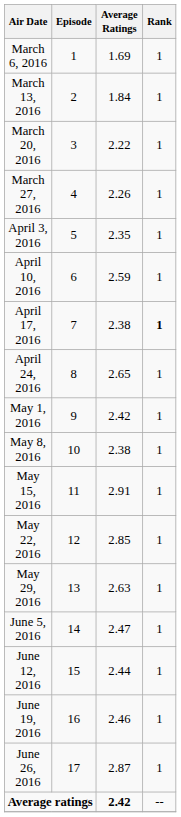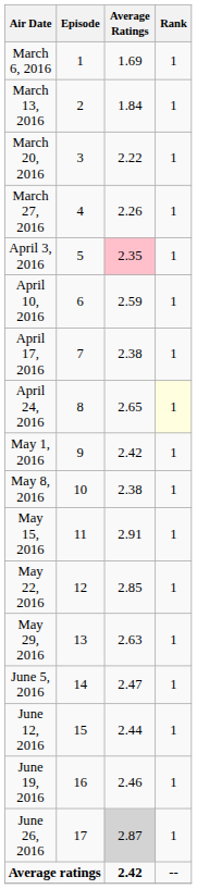 <table class="wikitable" style="text-align:center;width:35%;">
 <tr>
 <th width="15%"><small><strong>Air Date</strong></small></th>
 <th width="5%"><small><strong>Episode</strong></small></th>
 <th width="8%"><small><strong>Average Ratings</strong></small></th>
 <th width="5%"><small><strong>Rank</strong></small></th>
 </tr>
 <tr>
 <td>March 6, 2016</td>
 <td>1</td>
 <td>1.69</td>
 <td>1</td>
 </tr>
 <tr>
 <td>March 13, 2016</td>
 <td>2</td>
 <td>1.84</td>
 <td>1</td>
 </tr>
 <tr>
 <td>March 20, 2016</td>
 <td>3</td>
 <td>2.22</td>
 <td>1</td>
 </tr>
 <tr>
 <td>March 27, 2016</td>
 <td>4</td>
 <td>2.26</td>
 <td>1</td>
 </tr>
 <tr>
 <td>April 3, 2016</td>
 <td>5</td>
-<td>2.35</td>
+<td style="background: pink;">2.35</td>
 <td>1</td>
 </tr>
 <tr>
 <td>April 10, 2016</td>
 <td>6</td>
 <td>2.59</td>
 <td>1</td>
 </tr>
 <tr>
 <td>April 17, 2016</td>
 <td>7</td>
 <td>2.38</td>
-<td><strong>1</strong></td>
+<td>1</td>
 </tr>
 <tr>
 <td>April 24, 2016</td>
 <td>8</td>
 <td>2.65</td>
-<td>1</td>
+<td style="background: lightyellow;">1</td>
 </tr>
 <tr>
 <td>May 1, 2016</td>
 <td>9</td>
 <td>2.42</td>
 <td>1</td>
 </tr>
 <tr>
 <td>May 8, 2016</td>
 <td>10</td>
 <td>2.38</td>
 <td>1</td>
 </tr>
 <tr>
 <td>May 15, 2016</td>
 <td>11</td>
 <td>2.91</td>
 <td>1</td>
 </tr>
 <tr>
 <td>May 22, 2016</td>
 <td>12</td>
 <td>2.85</td>
 <td>1</td>
 </tr>
 <tr>
 <td>May 29, 2016</td>
 <td>13</td>
 <td>2.63</td>
 <td>1</td>
 </tr>
 <tr>
 <td>June 5, 2016</td>
 <td>14</td>
 <td>2.47</td>
 <td>1</td>
 </tr>
 <tr>
 <td>June 12, 2016</td>
 <td>15</td>
 <td>2.44</td>
 <td>1</td>
 </tr>
 <tr>
 <td>June 19, 2016</td>
 <td>16</td>
 <td>2.46</td>
 <td>1</td>
 </tr>
 <tr>
 <td>June 26, 2016</td>
 <td>17</td>
-<td>2.87</td>
+<td style="background: lightgrey;">2.87</td>
 <td>1</td>
 </tr>
 <tr>
 <td colspan=2><strong>Average ratings</strong></td>
 <td><strong>2.42</strong></td>
 <td>--</td>
 </tr>
 <tr>
 </tr>
 </table>
